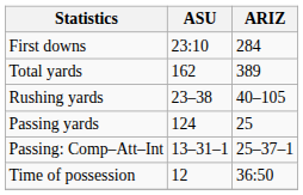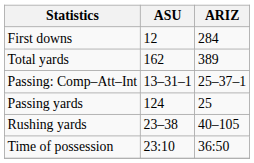 <table class="wikitable" style="float: left;">
 <tr>
 <th>Statistics</th>
 <th>ASU</th>
 <th>ARIZ</th>
 </tr>
 <tr>
 <td>First downs</td>
-<td>23:10</td>
+<td>12</td>
 <td>284</td>
 </tr>
 <tr>
 <td>Total yards</td>
 <td>162</td>
 <td>389</td>
 </tr>
 <tr>
-<td>Rushing yards</td>
-<td>23–38</td>
-<td>40–105</td>
+<td>Passing: Comp–Att–Int</td>
+<td>13–31–1</td>
+<td>25–37–1</td>
 </tr>
 <tr>
 <td>Passing yards</td>
 <td>124</td>
 <td>25</td>
 </tr>
 <tr>
-<td>Passing: Comp–Att–Int</td>
-<td>13–31–1</td>
-<td>25–37–1</td>
+<td>Rushing yards</td>
+<td>23–38</td>
+<td>40–105</td>
 </tr>
 <tr>
 <td>Time of possession</td>
-<td>12</td>
+<td>23:10</td>
 <td>36:50</td>
 </tr>
 <tr>
 </tr>
 </table>
